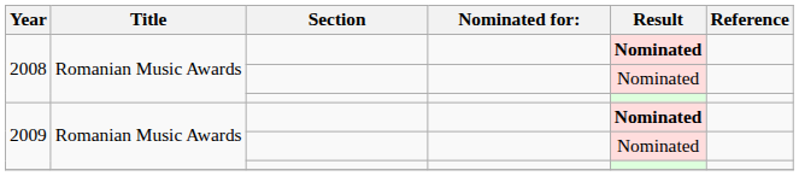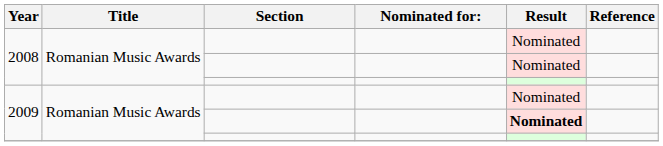 <table class="wikitable" style="text-align:center;">
 <tr>
 <th>Year</th>
 <th>Title</th>
 <th>Section</th>
 <th>Nominated for:</th>
 <th>Result</th>
 <th>Reference</th>
 </tr>
 <tr>
 <td rowspan="3">2008</td>
 <td rowspan="3">Romanian Music Awards</td>
 <td width="150"></td>
 <td style="150"></td>
-<td style="background: #ffdddd"><strong>Nominated</strong></td>
+<td style="background: #ffdddd">Nominated</td>
 <td width="15"></td>
 </tr>
 <tr>
 <td width="150"></td>
 <td style="150"></td>
 <td style="background: #ffdddd">Nominated</td>
 <td width="15"></td>
 </tr>
 <tr>
 <td width="150"></td>
 <td style="150"></td>
 <td style="background: #ddffdd"></td>
 <td width="15"></td>
 </tr>
 <tr>
 <td rowspan="3">2009</td>
 <td rowspan="3">Romanian Music Awards</td>
 <td width="150"></td>
 <td width="150"></td>
-<td style="background: #ffdddd"><strong>Nominated</strong></td>
+<td style="background: #ffdddd">Nominated</td>
 <td width="15"></td>
 </tr>
 <tr>
 <td width="150"></td>
 <td width="150"></td>
-<td style="background: #ffdddd">Nominated</td>
+<td style="background: #ffdddd"><strong>Nominated</strong></td>
 <td width="15"></td>
 </tr>
 <tr>
 <td width="150"></td>
 <td width="150"></td>
 <td style="background: #ddffdd"></td>
 <td width="15"></td>
 </tr>
 <tr>
 </tr>
 </table>
